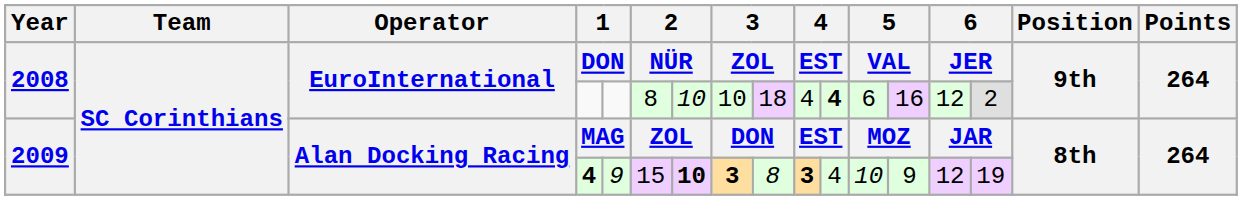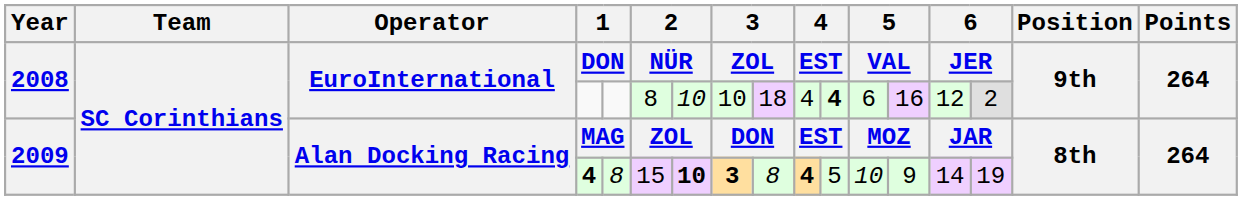 <table class="wikitable" style="text-align:center; font-size:85%">
 <tr>
 <th>Year</th>
 <th>Team</th>
 <th>Operator</th>
 <th colspan=2>1</th>
 <th colspan=2>2</th>
 <th colspan=2>3</th>
 <th colspan=2>4</th>
 <th colspan=2>5</th>
 <th colspan=2>6</th>
 <th>Position</th>
 <th>Points</th>
 </tr>
 <tr>
 <th rowspan=2><a href='#'>2008</a></th>
 <th rowspan=4 nowrap><a href='#'>SC Corinthians</a></th>
 <th rowspan=2 nowrap><a href='#'>EuroInternational</a></th>
 <th colspan=2><a href='#'>DON</a></th>
 <th colspan=2><a href='#'>NÜR</a></th>
 <th colspan=2><a href='#'>ZOL</a></th>
 <th colspan=2><a href='#'>EST</a></th>
 <th colspan=2><a href='#'>VAL</a></th>
 <th colspan=2><a href='#'>JER</a></th>
 <th rowspan=2>9th</th>
 <th rowspan=2>264</th>
 </tr>
 <tr>
 <td></td>
 <td></td>
 <td style="background:#dfffdf;">8</td>
 <td style="background:#dfffdf;"><em>10</em></td>
 <td style="background:#dfffdf;">10</td>
 <td style="background:#efcfff;">18</td>
 <td style="background:#dfffdf;">4</td>
 <td style="background:#dfffdf;"><strong>4</strong></td>
 <td style="background:#dfffdf;">6</td>
 <td style="background:#efcfff;">16</td>
 <td style="background:#dfffdf;">12</td>
 <td style="background:#dfdfdf;">2</td>
 </tr>
 <tr>
 <th rowspan=2><a href='#'>2009</a></th>
 <th rowspan=2 nowrap><a href='#'>Alan Docking Racing</a></th>
 <th colspan=2><a href='#'>MAG</a></th>
 <th colspan=2><a href='#'>ZOL</a></th>
 <th colspan=2><a href='#'>DON</a></th>
 <th colspan=2><a href='#'>EST</a></th>
 <th colspan=2><a href='#'>MOZ</a></th>
 <th colspan=2><a href='#'>JAR</a></th>
 <th rowspan=2>8th</th>
 <th rowspan=2>264</th>
 </tr>
 <tr>
 <td style="background:#dfffdf;"><strong>4</strong></td>
-<td style="background:#dfffdf;"><em>9</em></td>
+<td style="background:#dfffdf;"><em>8</em></td>
 <td style="background:#efcfff;">15</td>
 <td style="background:#efcfff;"><strong>10</strong></td>
 <td style="background:#ffdf9f;"><strong>3</strong></td>
 <td style="background:#dfffdf;"><em>8</em></td>
-<td style="background:#ffdf9f;"><strong>3</strong></td>
-<td style="background:#dfffdf;">4</td>
+<td style="background:#ffdf9f;"><strong>4</strong></td>
+<td style="background:#dfffdf;">5</td>
 <td style="background:#dfffdf;"><em>10</em></td>
 <td style="background:#dfffdf;">9</td>
-<td style="background:#efcfff;">12</td>
+<td style="background:#efcfff;">14</td>
 <td style="background:#efcfff;">19</td>
 </tr>
 </table>
